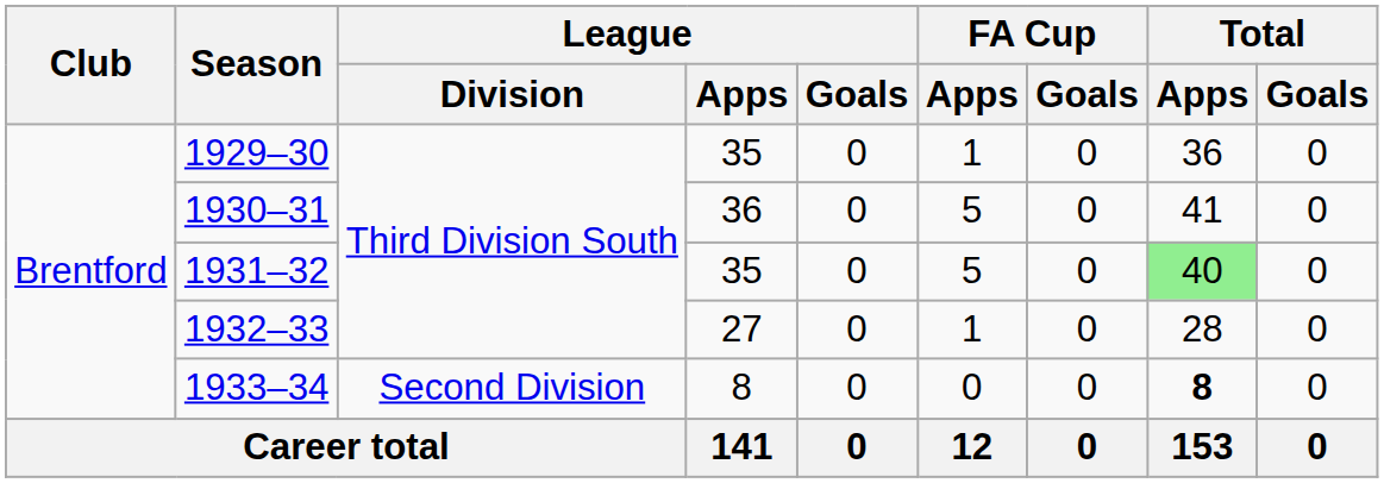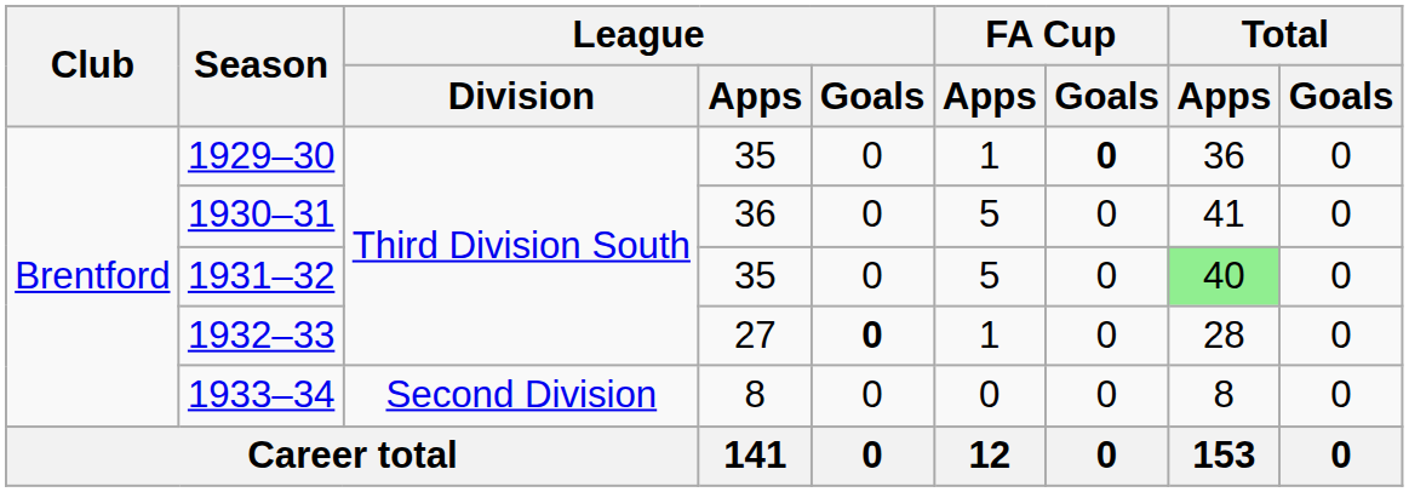 <table class="wikitable" style="text-align: center;">
 <tr>
 <th rowspan="2">Club</th>
 <th rowspan="2">Season</th>
 <th colspan="3">League</th>
 <th colspan="2">FA Cup</th>
 <th colspan="2">Total</th>
 </tr>
 <tr>
 <th>Division</th>
 <th>Apps</th>
 <th>Goals</th>
 <th>Apps</th>
 <th>Goals</th>
 <th>Apps</th>
 <th>Goals</th>
 </tr>
 <tr>
 <td rowspan="5"><a href='#'>Brentford</a></td>
 <td><a href='#'>1929–30</a></td>
 <td rowspan="4"><a href='#'>Third Division South</a></td>
 <td>35</td>
 <td>0</td>
 <td>1</td>
-<td>0</td>
+<td><strong>0</strong></td>
 <td>36</td>
 <td>0</td>
 </tr>
 <tr>
 <td><a href='#'>1930–31</a></td>
 <td>36</td>
 <td>0</td>
 <td>5</td>
 <td>0</td>
 <td>41</td>
 <td>0</td>
 </tr>
 <tr>
 <td><a href='#'>1931–32</a></td>
 <td>35</td>
 <td>0</td>
 <td>5</td>
 <td>0</td>
 <td style="background: lightgreen;">40</td>
 <td>0</td>
 </tr>
 <tr>
 <td><a href='#'>1932–33</a></td>
 <td>27</td>
-<td>0</td>
+<td><strong>0</strong></td>
 <td>1</td>
 <td>0</td>
 <td>28</td>
 <td>0</td>
 </tr>
 <tr>
 <td><a href='#'>1933–34</a></td>
 <td><a href='#'>Second Division</a></td>
 <td>8</td>
 <td>0</td>
 <td>0</td>
 <td>0</td>
-<td><strong>8</strong></td>
+<td>8</td>
 <td>0</td>
 </tr>
 <tr>
 <th colspan="3">Career total</th>
 <th>141</th>
 <th>0</th>
 <th>12</th>
 <th>0</th>
 <th>153</th>
 <th>0</th>
 </tr>
 </table>
